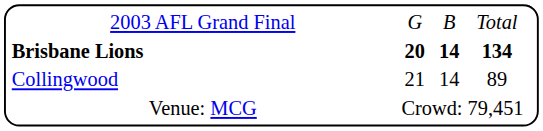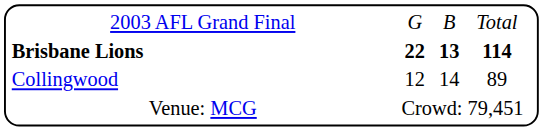 <table style="margin-right:4px; margin-left:4px; margin-top:8px; float:right; border:1px #000 solid; border-radius:8px; background:#fff; font-family:Verdana; font-size:8pt; text-align:center;">
 <tr>
 <td width="200"><a href='#'>2003 AFL Grand Final</a></td>
 <td><em>G</em></td>
 <td><em>B</em></td>
 <td><em>Total</em></td>
 </tr>
 <tr>
 <td style="text-align:left"><strong>Brisbane Lions</strong></td>
-<td><strong>20</strong></td>
-<td><strong>14</strong></td>
-<td><strong>134</strong></td>
+<td><strong>22</strong></td>
+<td><strong>13</strong></td>
+<td><strong>114</strong></td>
 </tr>
 <tr>
 <td style="text-align:left"><a href='#'>Collingwood</a></td>
-<td>21</td>
+<td>12</td>
 <td>14</td>
 <td>89</td>
 </tr>
 <tr>
 <td>Venue: <a href='#'>MCG</a></td>
 <td colspan="3">Crowd: 79,451</td>
 <td colspan="3"></td>
 </tr>
 </table>
